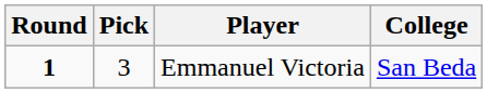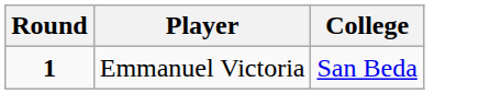 <table class="wikitable sortable sortable">
 <tr>
 <th>Round</th>
-<th>Pick</th>
 <th>Player</th>
 <th>College</th>
 </tr>
 <tr style="text-align: center">
 <td align="center"><strong>1</strong></td>
-<td align="center">3</td>
 <td>Emmanuel Victoria</td>
 <td><a href='#'>San Beda</a></td>
 </tr>
 </table>
